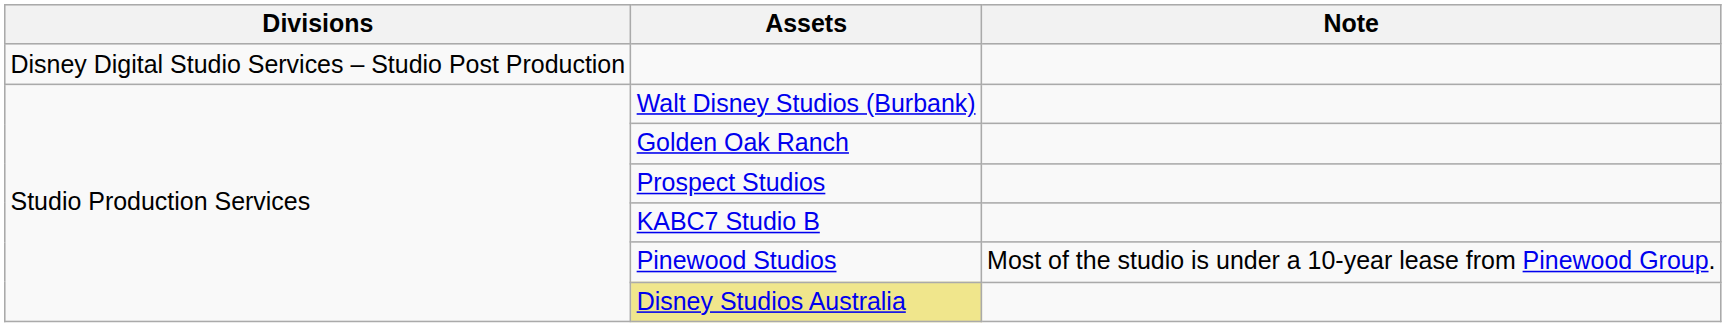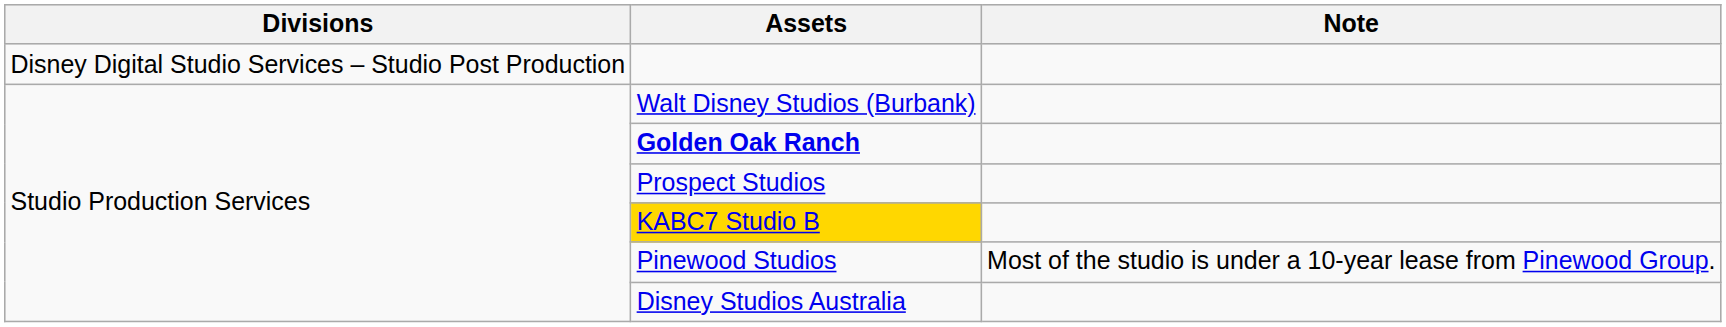 <table class="wikitable">
 <tr>
 <th>Divisions</th>
 <th>Assets</th>
 <th>Note</th>
 </tr>
 <tr>
 <td>Disney Digital Studio Services – Studio Post Production</td>
 <td></td>
 <td></td>
 </tr>
 <tr>
 <td rowspan="6">Studio Production Services</td>
 <td><a href='#'>Walt Disney Studios (Burbank)</a></td>
 <td></td>
 </tr>
 <tr>
-<td><a href='#'>Golden Oak Ranch</a></td>
+<td><strong><a href='#'>Golden Oak Ranch</a></strong></td>
 <td></td>
 </tr>
 <tr>
 <td><a href='#'>Prospect Studios</a></td>
 <td></td>
 </tr>
 <tr>
-<td><a href='#'>KABC7 Studio B</a></td>
+<td style="background: gold;"><a href='#'>KABC7 Studio B</a></td>
 <td></td>
 </tr>
 <tr>
 <td><a href='#'>Pinewood Studios</a></td>
 <td>Most of the studio is under a 10-year lease from <a href='#'>Pinewood Group</a>.</td>
 </tr>
 <tr>
-<td style="background: khaki;"><a href='#'>Disney Studios Australia</a></td>
+<td><a href='#'>Disney Studios Australia</a></td>
 <td></td>
 </tr>
 </table>
